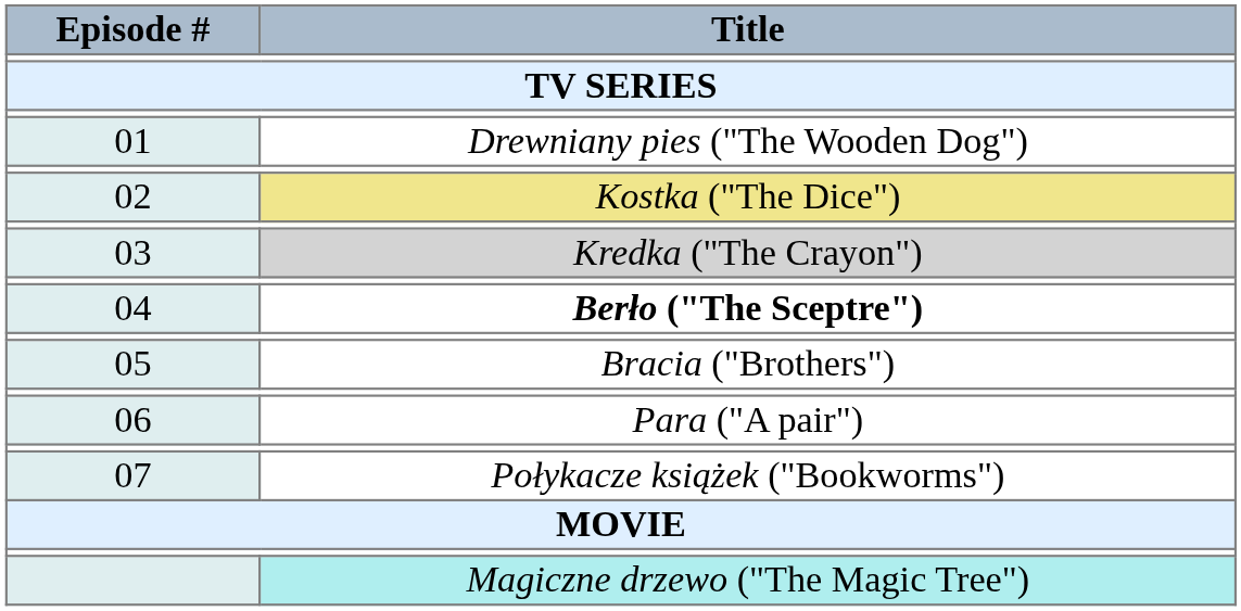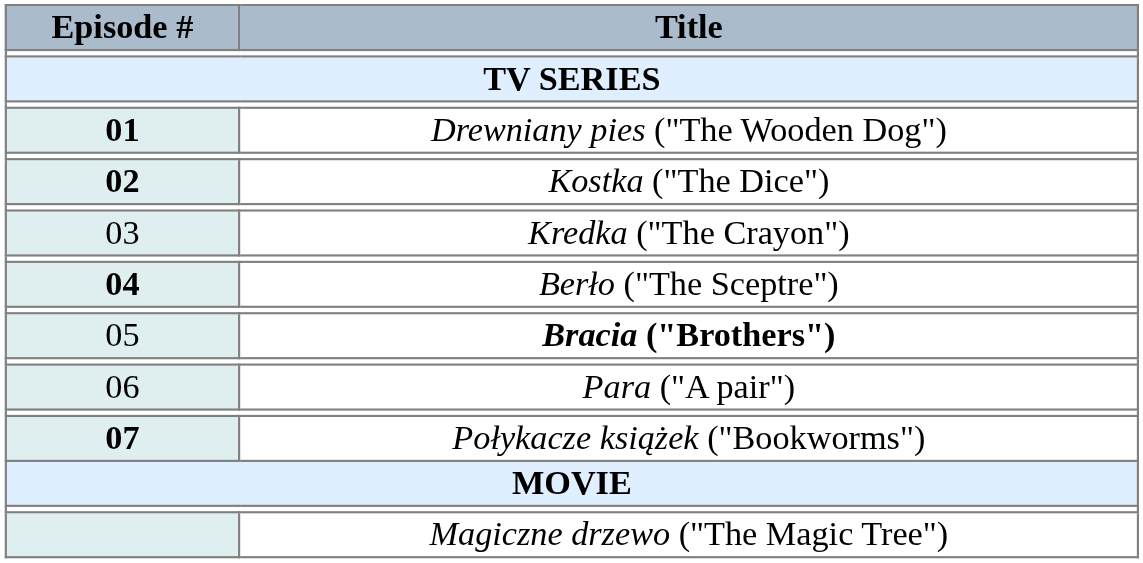 <table style="text-align: center; width: 60%; margin: 0 auto; border-collapse: collapse;" border="1" cellpadding="1" cellspacing="1">
 <tr style="background: #ABC;">
 <th style="width:10%;">Episode #</th>
 <th style="width:40%;">Title</th>
 </tr>
 <tr>
 <td colspan=4></td>
 </tr>
 <tr>
 <td colspan="4" style="background:#dfefff;"><strong>TV SERIES</strong></td>
 </tr>
 <tr>
 <td colspan=4></td>
 </tr>
 <tr>
-<td style="background:#dfeeef;">01</td>
+<td style="background:#dfeeef;"><strong>01</strong></td>
 <td><em>Drewniany pies</em> ("The Wooden Dog")</td>
 </tr>
 <tr>
 <td colspan=4></td>
 </tr>
 <tr>
-<td style="background:#dfeeef;">02</td>
-<td style="background: khaki;"><em>Kostka</em> ("The Dice")</td>
+<td style="background:#dfeeef;"><strong>02</strong></td>
+<td><em>Kostka</em> ("The Dice")</td>
 </tr>
 <tr>
 <td colspan=4></td>
 </tr>
 <tr>
 <td style="background:#dfeeef;">03</td>
-<td style="background: lightgrey;"><em>Kredka</em> ("The Crayon")</td>
+<td><em>Kredka</em> ("The Crayon")</td>
 </tr>
 <tr>
 <td colspan=4></td>
 </tr>
 <tr>
-<td style="background:#dfeeef;">04</td>
-<td><strong><em>Berło</em> ("The Sceptre")</strong></td>
+<td style="background:#dfeeef;"><strong>04</strong></td>
+<td><em>Berło</em> ("The Sceptre")</td>
 </tr>
 <tr>
 <td colspan=4></td>
 </tr>
 <tr>
 <td style="background:#dfeeef;">05</td>
-<td><em>Bracia</em> ("Brothers")</td>
+<td><strong><em>Bracia</em> ("Brothers")</strong></td>
 </tr>
 <tr>
 <td colspan=4></td>
 </tr>
 <tr>
 <td style="background:#dfeeef;">06</td>
 <td><em>Para</em> ("A pair")</td>
 </tr>
 <tr>
 <td colspan=4></td>
 </tr>
 <tr>
-<td style="background:#dfeeef;">07</td>
+<td style="background:#dfeeef;"><strong>07</strong></td>
 <td><em>Połykacze książek</em> ("Bookworms")</td>
 </tr>
 <tr>
 <td colspan="4" style="background:#dfefff;"><strong>MOVIE</strong></td>
 </tr>
 <tr>
 <td colspan=4></td>
 </tr>
 <tr>
 <td style="background:#dfeeef;"></td>
-<td style="background: paleturquoise;"><em>Magiczne drzewo</em> ("The Magic Tree")</td>
+<td><em>Magiczne drzewo</em> ("The Magic Tree")</td>
 </tr>
 </table>
